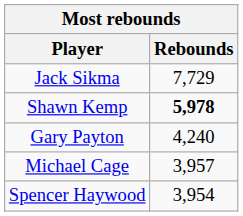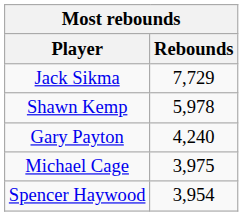 <table class="wikitable sortable" style="text-align:center">
 <tr>
 <th colspan="2" style="text-align:center; ">Most rebounds</th>
 </tr>
 <tr>
 <th style="text-align:center; ">Player</th>
 <th style="text-align:center; ">Rebounds</th>
 </tr>
 <tr>
 <td><a href='#'>Jack Sikma</a></td>
 <td>7,729</td>
 </tr>
 <tr>
 <td><a href='#'>Shawn Kemp</a></td>
-<td><strong>5,978</strong></td>
+<td>5,978</td>
 </tr>
 <tr>
 <td><a href='#'>Gary Payton</a></td>
 <td>4,240</td>
 </tr>
 <tr>
 <td><a href='#'>Michael Cage</a></td>
-<td>3,957</td>
+<td>3,975</td>
 </tr>
 <tr>
 <td><a href='#'>Spencer Haywood</a></td>
 <td>3,954</td>
 </tr>
 </table>
